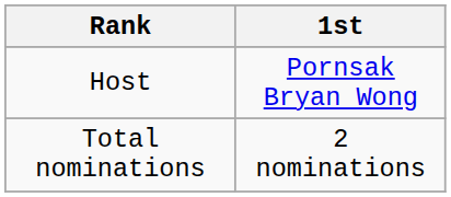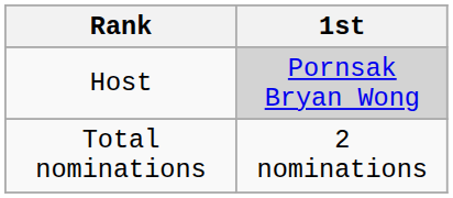 <table class="wikitable" border="1">
 <tr>
 <th width="110">Rank</th>
 <th width="100">1st</th>
 </tr>
 <tr align=center>
 <td>Host</td>
-<td><a href='#'>Pornsak</a><br><a href='#'>Bryan Wong</a></td>
+<td style="background: lightgrey;"><a href='#'>Pornsak</a><br><a href='#'>Bryan Wong</a></td>
 </tr>
 <tr align=center>
 <td>Total nominations</td>
 <td>2 nominations</td>
 </tr>
 </table>
